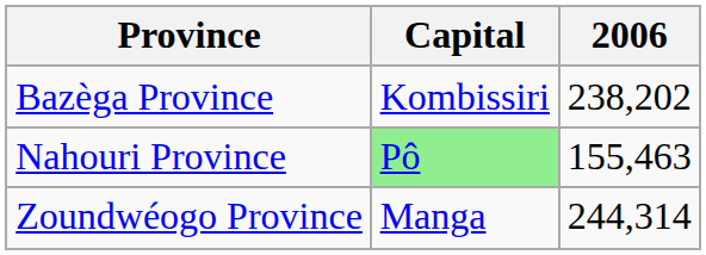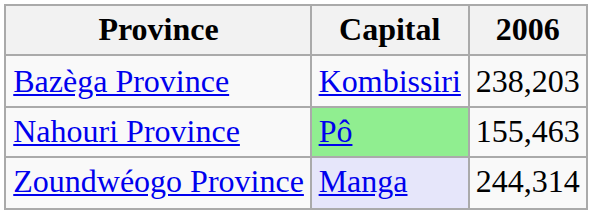 <table class="wikitable" | style="clear:right; float:right;">
 <tr>
 <th>Province</th>
 <th>Capital</th>
 <th>2006</th>
 </tr>
 <tr>
 <td><a href='#'>Bazèga Province</a></td>
 <td><a href='#'>Kombissiri</a></td>
-<td>238,202</td>
+<td>238,203</td>
 </tr>
 <tr>
 <td><a href='#'>Nahouri Province</a></td>
 <td style="background: lightgreen;"><a href='#'>Pô</a></td>
 <td>155,463</td>
 </tr>
 <tr>
 <td><a href='#'>Zoundwéogo Province</a></td>
-<td><a href='#'>Manga</a></td>
+<td style="background: lavender;"><a href='#'>Manga</a></td>
 <td>244,314</td>
 </tr>
 </table>
